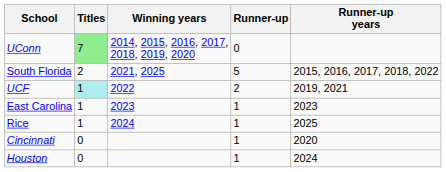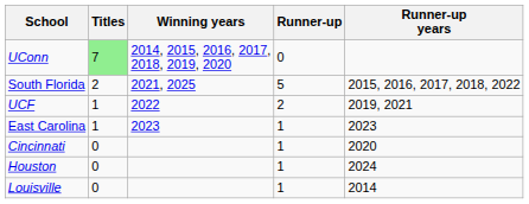 <table class="wikitable">
 <tr>
 <th width=px>School</th>
 <th width=px>Titles</th>
 <th width=px>Winning years</th>
 <th width=px>Runner-up</th>
 <th width=px>Runner-up<br>years</th>
 </tr>
 <tr>
 <td><em><a href='#'>UConn</a></em></td>
 <td style="background: lightgreen;">7</td>
 <td><a href='#'>2014</a>, <a href='#'>2015</a>, <a href='#'>2016</a>, <a href='#'>2017</a>,<br><a href='#'>2018</a>, <a href='#'>2019</a>, <a href='#'>2020</a></td>
 <td>0</td>
 <td></td>
 </tr>
 <tr>
 <td><a href='#'>South Florida</a></td>
 <td>2</td>
 <td><a href='#'>2021</a>, <a href='#'>2025</a></td>
 <td>5</td>
 <td>2015, 2016, 2017, 2018, 2022</td>
 </tr>
 <tr>
 <td><em><a href='#'>UCF</a></em></td>
-<td style="background: paleturquoise;">1</td>
+<td>1</td>
 <td><a href='#'>2022</a></td>
 <td>2</td>
 <td>2019, 2021</td>
 </tr>
 <tr>
 <td><a href='#'>East Carolina</a></td>
 <td>1</td>
 <td><a href='#'>2023</a></td>
 <td>1</td>
 <td>2023</td>
-</tr>
-<tr>
-<td><a href='#'>Rice</a></td>
-<td>1</td>
-<td><a href='#'>2024</a></td>
-<td>1</td>
-<td>2025</td>
 </tr>
 <tr>
 <td><em><a href='#'>Cincinnati</a></em></td>
 <td>0</td>
 <td></td>
 <td>1</td>
 <td>2020</td>
 </tr>
 <tr>
 <td><em><a href='#'>Houston</a></em></td>
 <td>0</td>
 <td></td>
 <td>1</td>
 <td>2024</td>
 </tr>
+<tr>
+<td><em><a href='#'>Louisville</a></em></td>
+<td>0</td>
+<td></td>
+<td>1</td>
+<td>2014</td>
+</tr>
 </table>
